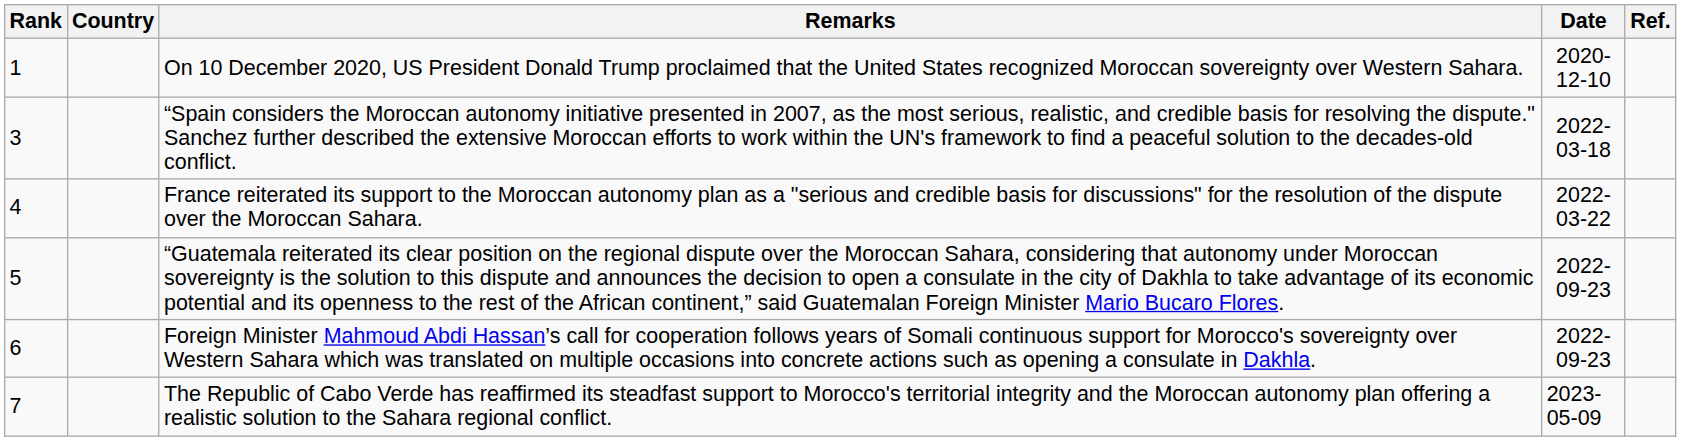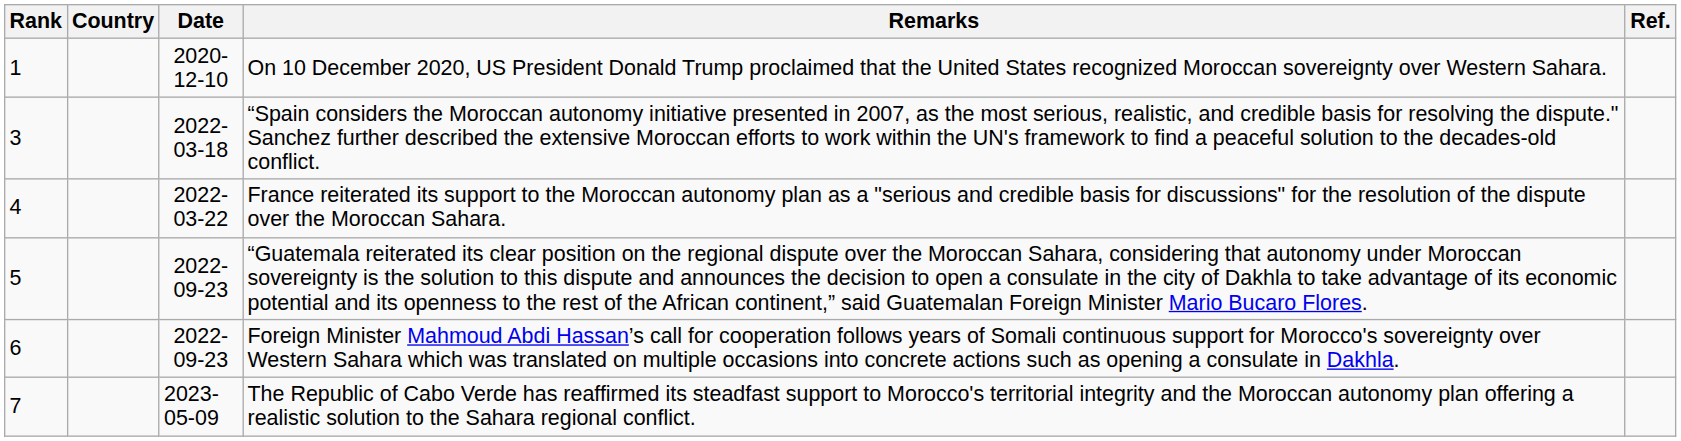 <table class="wikitable sortable">
 <tr>
 <th>Rank</th>
 <th>Country</th>
+<th>Date</th>
 <th>Remarks</th>
-<th>Date</th>
 <th>Ref.</th>
 </tr>
 <tr>
 <td>1</td>
 <td></td>
+<td style=text-align:center;>2020-12-10</td>
 <td>On 10 December 2020, US President Donald Trump proclaimed that the United States recognized Moroccan sovereignty over Western Sahara.</td>
-<td style=text-align:center;>2020-12-10</td>
 <td></td>
 </tr>
 <tr>
 <td>3</td>
 <td></td>
+<td style=text-align:center;>2022-03-18</td>
 <td>“Spain considers the Moroccan autonomy initiative presented in 2007, as the most serious, realistic, and credible basis for resolving the dispute." Sanchez further described the extensive Moroccan efforts to work within the UN's framework to find a peaceful solution to the decades-old conflict.</td>
-<td style=text-align:center;>2022-03-18</td>
 <td></td>
 </tr>
 <tr>
 <td>4</td>
 <td></td>
+<td style=text-align:center;>2022-03-22</td>
 <td>France reiterated its support to the Moroccan autonomy plan as a "serious and credible basis for discussions" for the resolution of the dispute over the Moroccan Sahara.</td>
-<td style=text-align:center;>2022-03-22</td>
 <td></td>
 </tr>
 <tr>
 <td>5</td>
 <td></td>
+<td style="text-align:center;">2022-09-23</td>
 <td>“Guatemala reiterated its clear position on the regional dispute over the Moroccan Sahara, considering that autonomy under Moroccan sovereignty is the solution to this dispute and announces the decision to open a consulate in the city of Dakhla to take advantage of its economic potential and its openness to the rest of the African continent,” said Guatemalan Foreign Minister <a href='#'>Mario Bucaro Flores</a>.</td>
-<td style="text-align:center;">2022-09-23</td>
 <td></td>
 </tr>
 <tr>
 <td>6</td>
 <td></td>
+<td style="text-align:center;">2022-09-23</td>
 <td>Foreign Minister <a href='#'>Mahmoud Abdi Hassan</a>’s call for cooperation follows years of Somali continuous support for Morocco's sovereignty over Western Sahara which was translated on multiple occasions into concrete actions such as opening a consulate in <a href='#'>Dakhla</a>.</td>
-<td style="text-align:center;">2022-09-23</td>
 <td></td>
 </tr>
 <tr>
 <td>7</td>
 <td></td>
+<td>2023-05-09</td>
 <td>The Republic of Cabo Verde has reaffirmed its steadfast support to Morocco's territorial integrity and the Moroccan autonomy plan offering a realistic solution to the Sahara regional conflict.</td>
-<td>2023-05-09</td>
 <td></td>
 </tr>
 </table>
